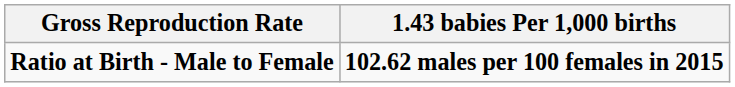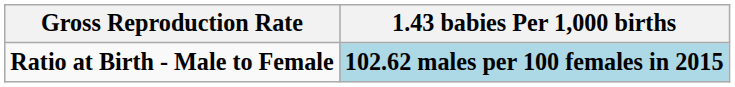 <table class="wikitable">
 <tr>
 <th>Gross Reproduction Rate</th>
 <th>1.43 babies Per 1,000 births</th>
 </tr>
 <tr>
 <td><strong>Ratio at Birth - Male to Female</strong></td>
-<td><strong>102.62 males per 100 females in 2015</strong></td>
+<td style="background: lightblue;"><strong>102.62 males per 100 females in 2015</strong></td>
 </tr>
 </table>
